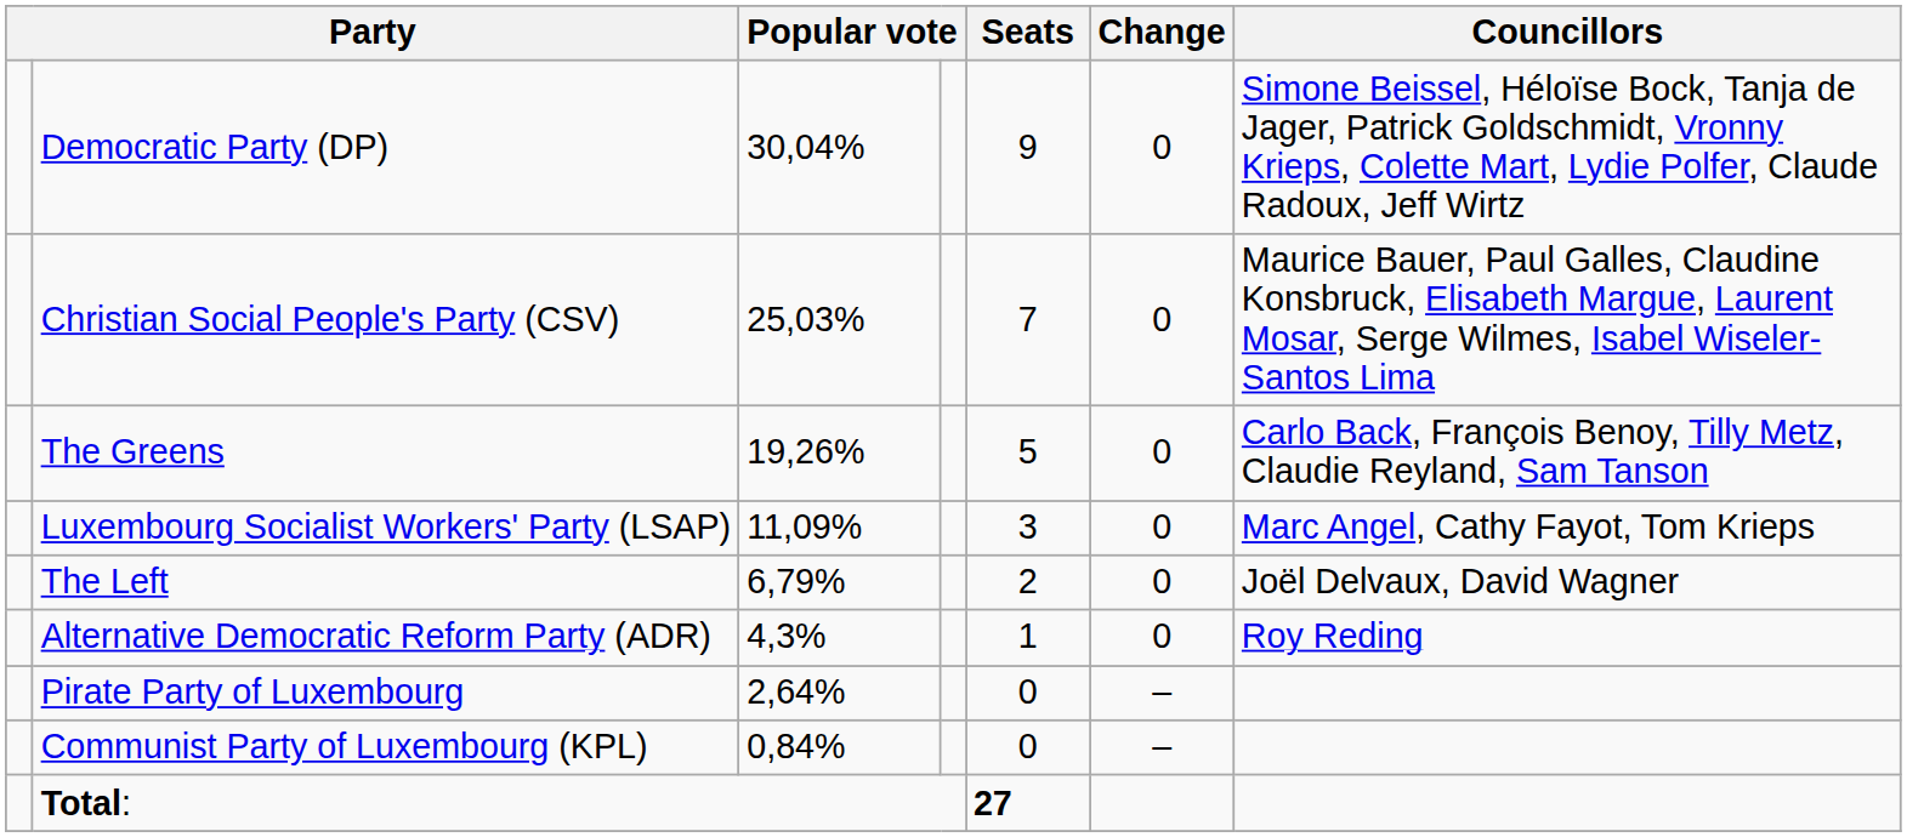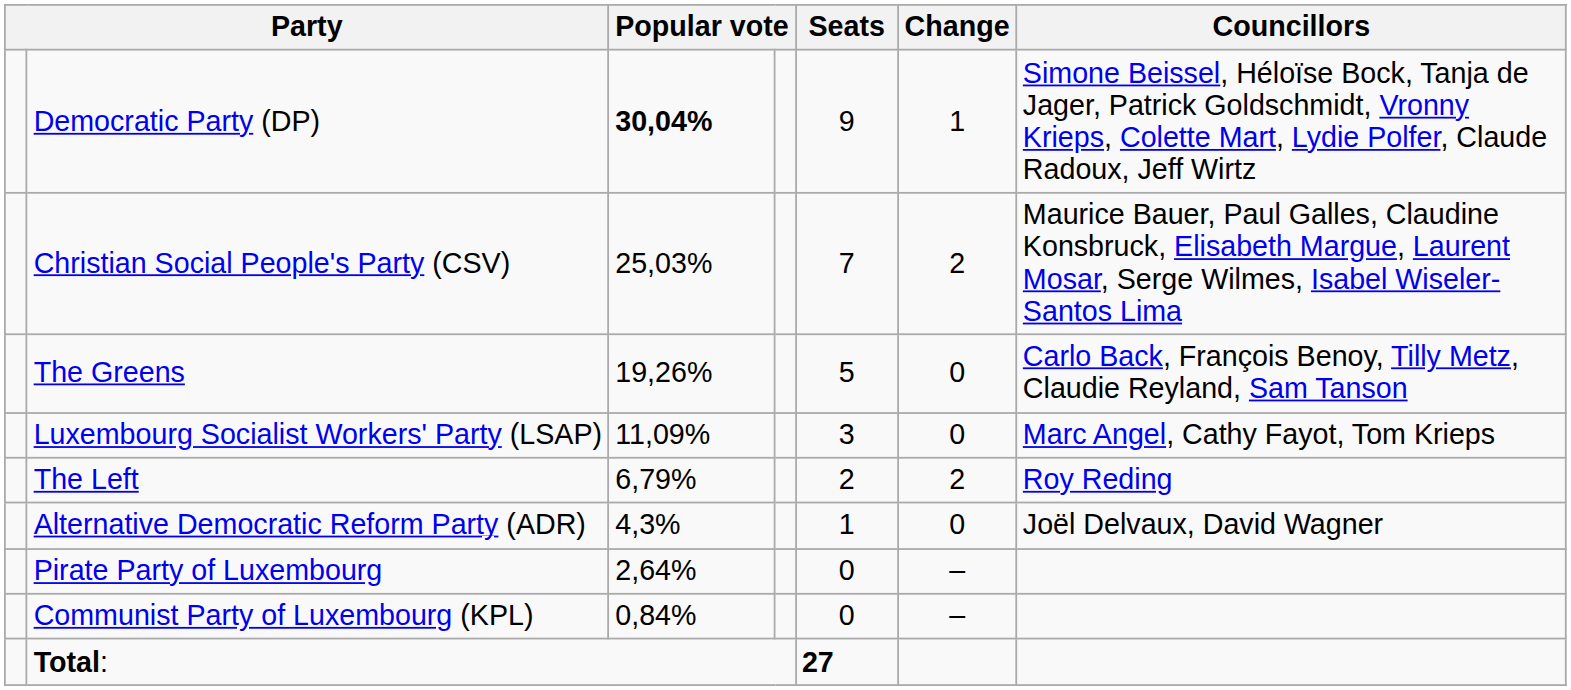 <table class="wikitable">
 <tr>
 <th colspan="2" width="300px">Party</th>
 <th colspan="2">Popular vote</th>
 <th width="50px">Seats</th>
 <th>Change</th>
 <th width="300px">Councillors</th>
 </tr>
 <tr>
 <td width="5px" style="background-color: "></td>
 <td><a href='#'>Democratic Party</a> (DP)</td>
-<td>30,04%</td>
+<td><strong>30,04%</strong></td>
 <td></td>
 <td style="text-align:center;">9</td>
-<td style="text-align:center;"> 0</td>
+<td style="text-align:center;"> 1</td>
 <td><a href='#'>Simone Beissel</a>, Héloïse Bock, Tanja de Jager, Patrick Goldschmidt, <a href='#'>Vronny Krieps</a>, <a href='#'>Colette Mart</a>, <a href='#'>Lydie Polfer</a>, Claude Radoux, Jeff Wirtz</td>
 </tr>
 <tr>
 <td style="background-color: "></td>
 <td><a href='#'>Christian Social People's Party</a> (CSV)</td>
 <td>25,03%</td>
 <td></td>
 <td style="text-align:center;">7</td>
-<td style="text-align:center;"> 0</td>
+<td style="text-align:center;"> 2</td>
 <td>Maurice Bauer, Paul Galles, Claudine Konsbruck, <a href='#'>Elisabeth Margue</a>, <a href='#'>Laurent Mosar</a>, Serge Wilmes, <a href='#'>Isabel Wiseler-Santos Lima</a></td>
 </tr>
 <tr>
 <td style="background-color: "></td>
 <td><a href='#'>The Greens</a></td>
 <td>19,26%</td>
 <td></td>
 <td style="text-align:center;">5</td>
 <td style="text-align:center;"> 0</td>
 <td><a href='#'>Carlo Back</a>, François Benoy, <a href='#'>Tilly Metz</a>, Claudie Reyland, <a href='#'>Sam Tanson</a></td>
 </tr>
 <tr>
 <td style="background-color: "></td>
 <td><a href='#'>Luxembourg Socialist Workers' Party</a> (LSAP)</td>
 <td>11,09%</td>
 <td></td>
 <td style="text-align:center;">3</td>
 <td style="text-align:center;"> 0</td>
 <td><a href='#'>Marc Angel</a>, Cathy Fayot, Tom Krieps</td>
 </tr>
 <tr>
 <td style="background-color: "></td>
 <td><a href='#'>The Left</a></td>
 <td>6,79%</td>
 <td></td>
 <td style="text-align:center;">2</td>
-<td style="text-align:center;"> 0</td>
-<td>Joël Delvaux, David Wagner</td>
+<td style="text-align:center;"> 2</td>
+<td><a href='#'>Roy Reding</a></td>
 </tr>
 <tr>
 <td style="background-color: "></td>
 <td><a href='#'>Alternative Democratic Reform Party</a> (ADR)</td>
 <td>4,3%</td>
 <td></td>
 <td style="text-align:center;">1</td>
 <td style="text-align:center;"> 0</td>
-<td><a href='#'>Roy Reding</a></td>
+<td>Joël Delvaux, David Wagner</td>
 </tr>
 <tr>
 <td style="background-color: "></td>
 <td><a href='#'>Pirate Party of Luxembourg</a></td>
 <td>2,64%</td>
 <td></td>
 <td style="text-align:center;">0</td>
 <td style="text-align:center;">–</td>
 <td></td>
 </tr>
 <tr>
 <td style="background-color: "></td>
 <td><a href='#'>Communist Party of Luxembourg</a> (KPL)</td>
 <td>0,84%</td>
 <td></td>
 <td style="text-align:center;">0</td>
 <td style="text-align:center;">–</td>
 <td></td>
 </tr>
 <tr>
 <td></td>
 <td colspan="3"><strong>Total</strong>:</td>
 <td><strong>27</strong></td>
 <td></td>
 <td></td>
 </tr>
 </table>
